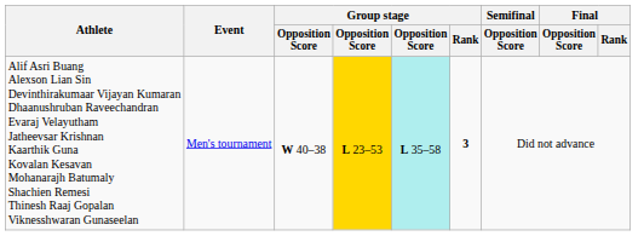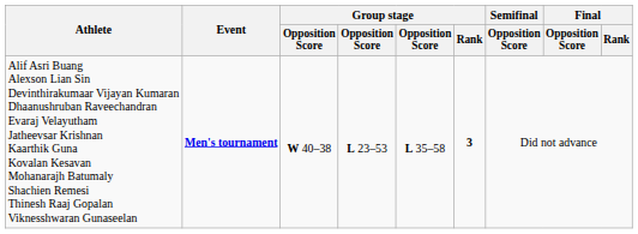 <table class="wikitable" style="font-size:90%;text-align:center">
 <tr>
 <th rowspan="2">Athlete</th>
 <th rowspan="2">Event</th>
 <th colspan="4">Group stage</th>
 <th>Semifinal</th>
 <th colspan="2">Final</th>
 </tr>
 <tr style=font-size:95%>
 <th>Opposition<br>Score</th>
 <th>Opposition<br>Score</th>
 <th>Opposition<br>Score</th>
 <th>Rank</th>
 <th>Opposition<br>Score</th>
 <th>Opposition<br>Score</th>
 <th>Rank</th>
 </tr>
 <tr>
 <td align="left">Alif Asri Buang<br>Alexson Lian Sin<br>Devinthirakumaar Vijayan Kumaran<br>Dhaanushruban Raveechandran<br>Evaraj Velayutham<br>Jatheevsar Krishnan<br>Kaarthik Guna<br>Kovalan Kesavan<br>Mohanarajh Batumaly<br>Shachien Remesi<br>Thinesh Raaj Gopalan<br>Viknesshwaran Gunaseelan</td>
-<td align="left"><a href='#'>Men's tournament</a></td>
+<td align="left"><strong><a href='#'>Men's tournament</a></strong></td>
 <td><br><strong>W</strong> 40–38</td>
-<td style="background: gold;"><br><strong>L</strong> 23–53</td>
-<td style="background: paleturquoise;"><br><strong>L</strong> 35–58</td>
+<td><br><strong>L</strong> 23–53</td>
+<td><br><strong>L</strong> 35–58</td>
 <td><strong>3</strong></td>
 <td colspan="3">Did not advance</td>
 </tr>
 </table>
